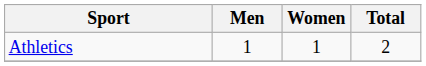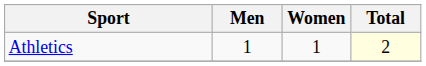 <table class="wikitable sortable" style="text-align:center;">
 <tr>
 <th width=180>Sport</th>
 <th width=55>Men</th>
 <th width=55>Women</th>
 <th width=55>Total</th>
 </tr>
 <tr>
 <td align=left><a href='#'>Athletics</a></td>
 <td>1</td>
 <td>1</td>
-<td>2</td>
+<td style="background: lightyellow;">2</td>
 </tr>
 <tr>
 </tr>
 </table>
